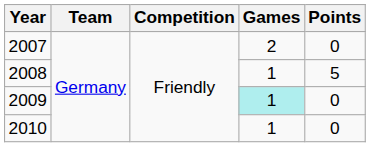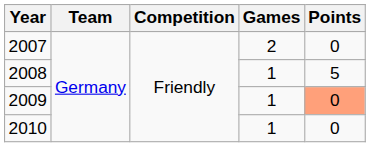 <table class="wikitable">
 <tr>
 <th>Year</th>
 <th>Team</th>
 <th>Competition</th>
 <th>Games</th>
 <th>Points</th>
 </tr>
 <tr align="center">
 <td>2007</td>
 <td rowspan=4><a href='#'>Germany</a></td>
 <td rowspan=4>Friendly</td>
 <td>2</td>
 <td>0</td>
 </tr>
 <tr align="center">
 <td>2008</td>
 <td>1</td>
 <td>5</td>
 </tr>
 <tr align="center">
 <td>2009</td>
-<td style="background: paleturquoise;">1</td>
-<td>0</td>
+<td>1</td>
+<td style="background: lightsalmon;">0</td>
 </tr>
 <tr align="center">
 <td>2010</td>
 <td>1</td>
 <td>0</td>
 </tr>
 </table>
